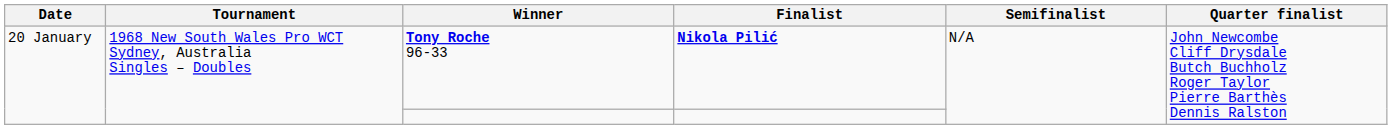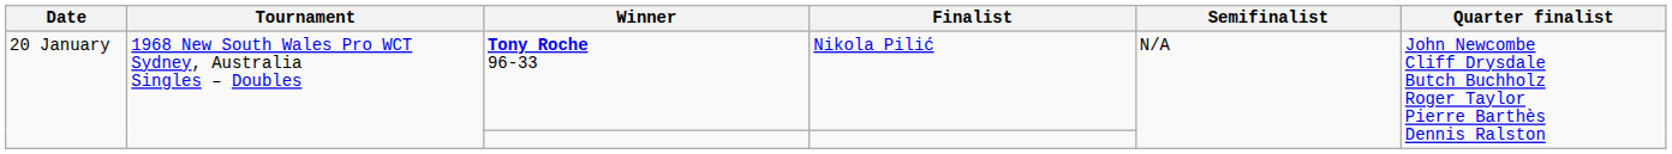 <table class="wikitable" style="font-size:85%;">
 <tr>
 <th width="75">Date</th>
 <th width="230">Tournament</th>
 <th width="210">Winner</th>
 <th width="210">Finalist</th>
 <th width="170">Semifinalist</th>
 <th width="170">Quarter finalist</th>
 </tr>
 <tr valign=top>
 <td rowspan=2>20 January</td>
 <td rowspan=2><a href='#'>1968 New South Wales Pro WCT</a><br> <a href='#'>Sydney</a>, Australia<br><a href='#'>Singles</a> – <a href='#'>Doubles</a></td>
 <td> <strong><a href='#'>Tony Roche</a></strong><br>96-33</td>
-<td><strong> <a href='#'>Nikola Pilić</a></strong></td>
+<td> <a href='#'>Nikola Pilić</a></td>
 <td rowspan=2>N/A</td>
 <td rowspan=2> <a href='#'>John Newcombe</a><br> <a href='#'>Cliff Drysdale</a><br> <a href='#'>Butch Buchholz</a><br> <a href='#'>Roger Taylor</a><br> <a href='#'>Pierre Barthès</a><br> <a href='#'>Dennis Ralston</a></td>
 </tr>
 <tr valign=top>
 <td></td>
 <td></td>
 </tr>
 </table>
